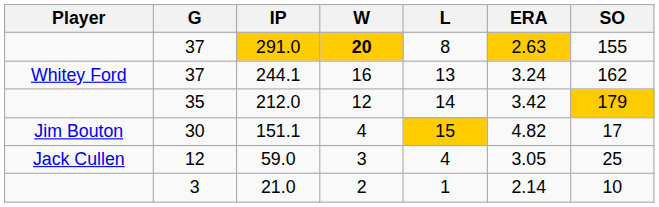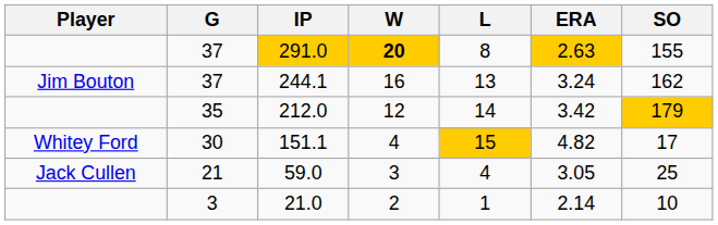 <table class="wikitable sortable">
 <tr>
 <th bgcolor="#DDDDFF" width="16%">Player</th>
 <th bgcolor="#DDDDFF" width="9%">G</th>
 <th bgcolor="#DDDDFF" width="9%">IP</th>
 <th bgcolor="#DDDDFF" width="9%">W</th>
 <th bgcolor="#DDDDFF" width="9%">L</th>
 <th bgcolor="#DDDDFF" width="9%">ERA</th>
 <th bgcolor="#DDDDFF" width="9%">SO</th>
 </tr>
 <tr align="center">
 <td></td>
 <td>37</td>
 <td style="background:#fc0;">291.0</td>
 <td style="background:#fc0;"><strong>20</strong></td>
 <td>8</td>
 <td style="background:#fc0;">2.63</td>
 <td>155</td>
 </tr>
 <tr align="center">
-<td><a href='#'>Whitey Ford</a></td>
+<td><a href='#'>Jim Bouton</a></td>
 <td>37</td>
 <td>244.1</td>
 <td>16</td>
 <td>13</td>
 <td>3.24</td>
 <td>162</td>
 </tr>
 <tr align="center">
 <td></td>
 <td>35</td>
 <td>212.0</td>
 <td>12</td>
 <td>14</td>
 <td>3.42</td>
 <td style="background:#fc0;">179</td>
 </tr>
 <tr align="center">
-<td><a href='#'>Jim Bouton</a></td>
+<td><a href='#'>Whitey Ford</a></td>
 <td>30</td>
 <td>151.1</td>
 <td>4</td>
 <td style="background:#fc0;">15</td>
 <td>4.82</td>
 <td>17</td>
 </tr>
 <tr align="center">
 <td><a href='#'>Jack Cullen</a></td>
-<td>12</td>
+<td>21</td>
 <td>59.0</td>
 <td>3</td>
 <td>4</td>
 <td>3.05</td>
 <td>25</td>
 </tr>
 <tr align="center">
 <td></td>
 <td>3</td>
 <td>21.0</td>
 <td>2</td>
 <td>1</td>
 <td>2.14</td>
 <td>10</td>
 </tr>
 </table>
